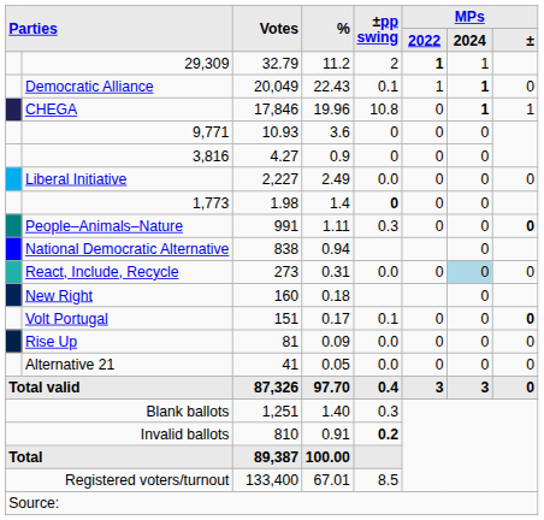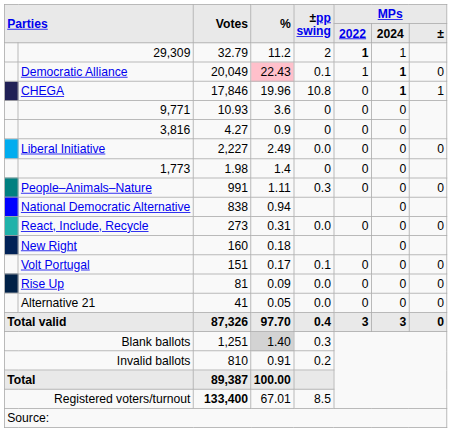 <table class="wikitable" style="text-align:right; font-size:95%;">
 <tr>
 <th rowspan="2" colspan="2" style="background:#e9e9e9; text-align:left;" alignleft><a href='#'>Parties</a></th>
 <th rowspan="2" style="background:#e9e9e9; text-align:right;">Votes</th>
 <th rowspan="2" style="background:#e9e9e9; text-align:right;">%</th>
 <th rowspan="2" style="background:#e9e9e9; text-align:right;">±<a href='#'>pp</a> <a href='#'>swing</a></th>
 <th colspan="3" style="background:#e9e9e9; text-align:center;"><a href='#'>MPs</a></th>
 </tr>
 <tr style="background-color:#E9E9E9">
 <th style="background-color:#E9E9E9;text-align:center;"><a href='#'>2022</a></th>
 <th style="background-color:#E9E9E9;text-align:center;">2024</th>
 <th style="background:#e9e9e9; text-align:right;">±</th>
 </tr>
 <tr>
 <td></td>
 <td>29,309</td>
 <td>32.79</td>
 <td>11.2</td>
 <td>2</td>
 <td><strong>1</strong></td>
 <td>1</td>
 </tr>
 <tr>
 <td style="width: 10px"></td>
 <td align="left"><a href='#'>Democratic Alliance</a> </td>
 <td>20,049</td>
-<td>22.43</td>
+<td style="background: pink;">22.43</td>
 <td>0.1</td>
 <td>1</td>
 <td><strong>1</strong></td>
 <td>0</td>
 </tr>
 <tr>
 <td style="width: 10px" bgcolor="#202056" align="center"></td>
 <td align="left"><a href='#'>CHEGA</a></td>
 <td>17,846</td>
 <td>19.96</td>
 <td>10.8</td>
 <td>0</td>
 <td><strong>1</strong></td>
 <td>1</td>
 </tr>
 <tr>
 <td></td>
 <td>9,771</td>
 <td>10.93</td>
 <td>3.6</td>
 <td>0</td>
 <td>0</td>
 <td>0</td>
 </tr>
 <tr>
 <td></td>
 <td>3,816</td>
 <td>4.27</td>
 <td>0.9</td>
 <td>0</td>
 <td>0</td>
 <td>0</td>
 </tr>
 <tr>
 <td style="width: 10px" bgcolor="#00ADEF" align="center"></td>
 <td align="left"><a href='#'>Liberal Initiative</a></td>
 <td>2,227</td>
 <td>2.49</td>
 <td>0.0</td>
 <td>0</td>
 <td>0</td>
 <td>0</td>
 </tr>
 <tr>
 <td></td>
 <td>1,773</td>
 <td>1.98</td>
 <td>1.4</td>
-<td><strong>0</strong></td>
+<td>0</td>
 <td>0</td>
 <td>0</td>
 </tr>
 <tr>
 <td style="width: 10px" bgcolor="teal" align="center"></td>
 <td align="left"><a href='#'>People–Animals–Nature</a></td>
 <td>991</td>
 <td>1.11</td>
 <td>0.3</td>
 <td>0</td>
 <td>0</td>
-<td><strong>0</strong></td>
+<td>0</td>
 </tr>
 <tr>
 <td style="width: 10px" bgcolor="blue" align="center"></td>
 <td align="left"><a href='#'>National Democratic Alternative</a></td>
 <td>838</td>
 <td>0.94</td>
 <td></td>
 <td></td>
 <td>0</td>
 <td></td>
 </tr>
 <tr>
 <td style="width: 10px" bgcolor="LightSeaGreen" align="center"></td>
 <td align="left"><a href='#'>React, Include, Recycle</a></td>
 <td>273</td>
 <td>0.31</td>
 <td>0.0</td>
 <td>0</td>
-<td style="background: lightblue;">0</td>
+<td>0</td>
 <td>0</td>
 </tr>
 <tr>
 <td style="width: 10px" bgcolor="#012257" align="center"></td>
 <td align="left"><a href='#'>New Right</a></td>
 <td>160</td>
 <td>0.18</td>
 <td></td>
 <td></td>
 <td>0</td>
 <td></td>
 </tr>
 <tr>
 <td style="width: 10px"></td>
 <td align="left"><a href='#'>Volt Portugal</a></td>
 <td>151</td>
 <td>0.17</td>
 <td>0.1</td>
 <td>0</td>
 <td>0</td>
-<td><strong>0</strong></td>
+<td>0</td>
 </tr>
 <tr>
 <td style="width: 10px" bgcolor="#002147" align="center"></td>
 <td align="left"><a href='#'>Rise Up</a></td>
 <td>81</td>
 <td>0.09</td>
 <td>0.0</td>
 <td>0</td>
 <td>0</td>
 <td>0</td>
 </tr>
 <tr>
 <td style="width: 10px"></td>
 <td align="left">Alternative 21 </td>
 <td>41</td>
 <td>0.05</td>
 <td>0.0</td>
 <td>0</td>
 <td>0</td>
 <td>0</td>
 </tr>
 <tr>
 <td colspan=2 align=left style="background-color:#E9E9E9"><strong>Total valid</strong></td>
 <td width="65" align="right" style="background-color:#E9E9E9"><strong>87,326</strong></td>
 <td width="40" align="right" style="background-color:#E9E9E9"><strong>97.70</strong></td>
 <td width="40" align="right" style="background-color:#E9E9E9"><strong>0.4</strong></td>
 <td width="40" align="right" style="background-color:#E9E9E9"><strong>3</strong></td>
 <td width="40" align="right" style="background-color:#E9E9E9"><strong>3</strong></td>
 <td width="40" align="right" style="background-color:#E9E9E9"><strong>0</strong></td>
 </tr>
 <tr>
 <td colspan=2>Blank ballots</td>
 <td>1,251</td>
-<td>1.40</td>
+<td style="background: lightgrey;">1.40</td>
 <td>0.3</td>
 <td colspan="3" rowspan="4"></td>
 </tr>
 <tr>
 <td colspan=2>Invalid ballots</td>
 <td>810</td>
 <td>0.91</td>
-<td><strong>0.2</strong></td>
+<td>0.2</td>
 </tr>
 <tr>
 <td colspan=2 align=left style="background-color:#E9E9E9"><strong>Total</strong></td>
 <td width="50" align="right" style="background-color:#E9E9E9"><strong>89,387</strong></td>
 <td width="40" align="right" style="background-color:#E9E9E9"><strong>100.00</strong></td>
 <td width="40" align="right" style="background-color:#E9E9E9"></td>
 </tr>
 <tr>
 <td colspan=2>Registered voters/turnout</td>
-<td>133,400</td>
+<td><strong>133,400</strong></td>
 <td>67.01</td>
 <td>8.5</td>
 </tr>
 <tr>
 <td colspan=8 align=left>Source: </td>
 </tr>
 </table>
